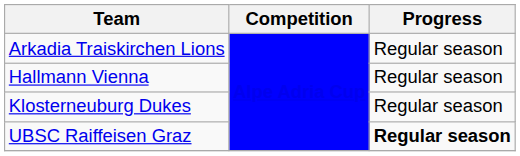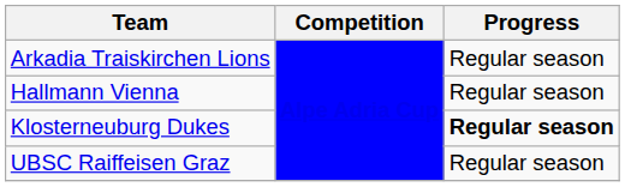 <table class="wikitable sortable">
 <tr>
 <th>Team</th>
 <th>Competition</th>
 <th>Progress</th>
 </tr>
 <tr>
 <td><a href='#'>Arkadia Traiskirchen Lions</a></td>
 <td rowspan="4" style="background-color:blue;color:#D0D3D4;text-align:center"><strong><a href='#'><span>Alpe Adria Cup</span></a></strong></td>
 <td>Regular season</td>
 </tr>
 <tr>
 <td><a href='#'>Hallmann Vienna</a></td>
 <td>Regular season</td>
 </tr>
 <tr>
 <td><a href='#'>Klosterneuburg Dukes</a></td>
-<td>Regular season</td>
+<td><strong>Regular season</strong></td>
 </tr>
 <tr>
 <td><a href='#'>UBSC Raiffeisen Graz</a></td>
-<td><strong>Regular season</strong></td>
+<td>Regular season</td>
 </tr>
 <tr>
 </tr>
 </table>
